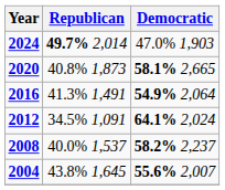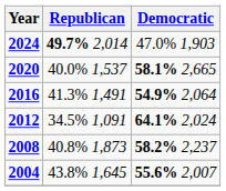 <table class="wikitable" style="float:right; margin: 1em 1em 1em 0; font-size: 95%;">
 <tr>
 <th>Year</th>
 <th><a href='#'>Republican</a></th>
 <th><a href='#'>Democratic</a></th>
 </tr>
 <tr>
 <td style="text-align:center; "><strong><a href='#'>2024</a></strong></td>
 <td style="text-align:center; "><strong>49.7%</strong> <em>2,014</em></td>
 <td style="text-align:center; ">47.0% <em>1,903</em></td>
 </tr>
 <tr>
 <td style="text-align:center; "><strong><a href='#'>2020</a></strong></td>
-<td style="text-align:center; ">40.8% <em>1,873</em></td>
+<td style="text-align:center; ">40.0% <em>1,537</em></td>
 <td style="text-align:center; "><strong>58.1%</strong>  <em>2,665</em></td>
 </tr>
 <tr>
 <td style="text-align:center; "><strong><a href='#'>2016</a></strong></td>
 <td style="text-align:center; ">41.3% <em>1,491</em></td>
 <td style="text-align:center; "><strong>54.9%</strong> <em>2,064</em></td>
 </tr>
 <tr>
 <td style="text-align:center; "><strong><a href='#'>2012</a></strong></td>
 <td style="text-align:center; ">34.5% <em>1,091</em></td>
 <td style="text-align:center; "><strong>64.1%</strong>  <em>2,024</em></td>
 </tr>
 <tr>
 <td style="text-align:center; "><strong><a href='#'>2008</a></strong></td>
-<td style="text-align:center; ">40.0% <em>1,537</em></td>
+<td style="text-align:center; ">40.8% <em>1,873</em></td>
 <td style="text-align:center; "><strong>58.2%</strong>  <em>2,237</em></td>
 </tr>
 <tr>
 <td style="text-align:center; "><strong><a href='#'>2004</a></strong></td>
 <td style="text-align:center; ">43.8% <em>1,645</em></td>
 <td style="text-align:center; "><strong>55.6%</strong>  <em>2,007</em></td>
 </tr>
 <tr>
 </tr>
 </table>
